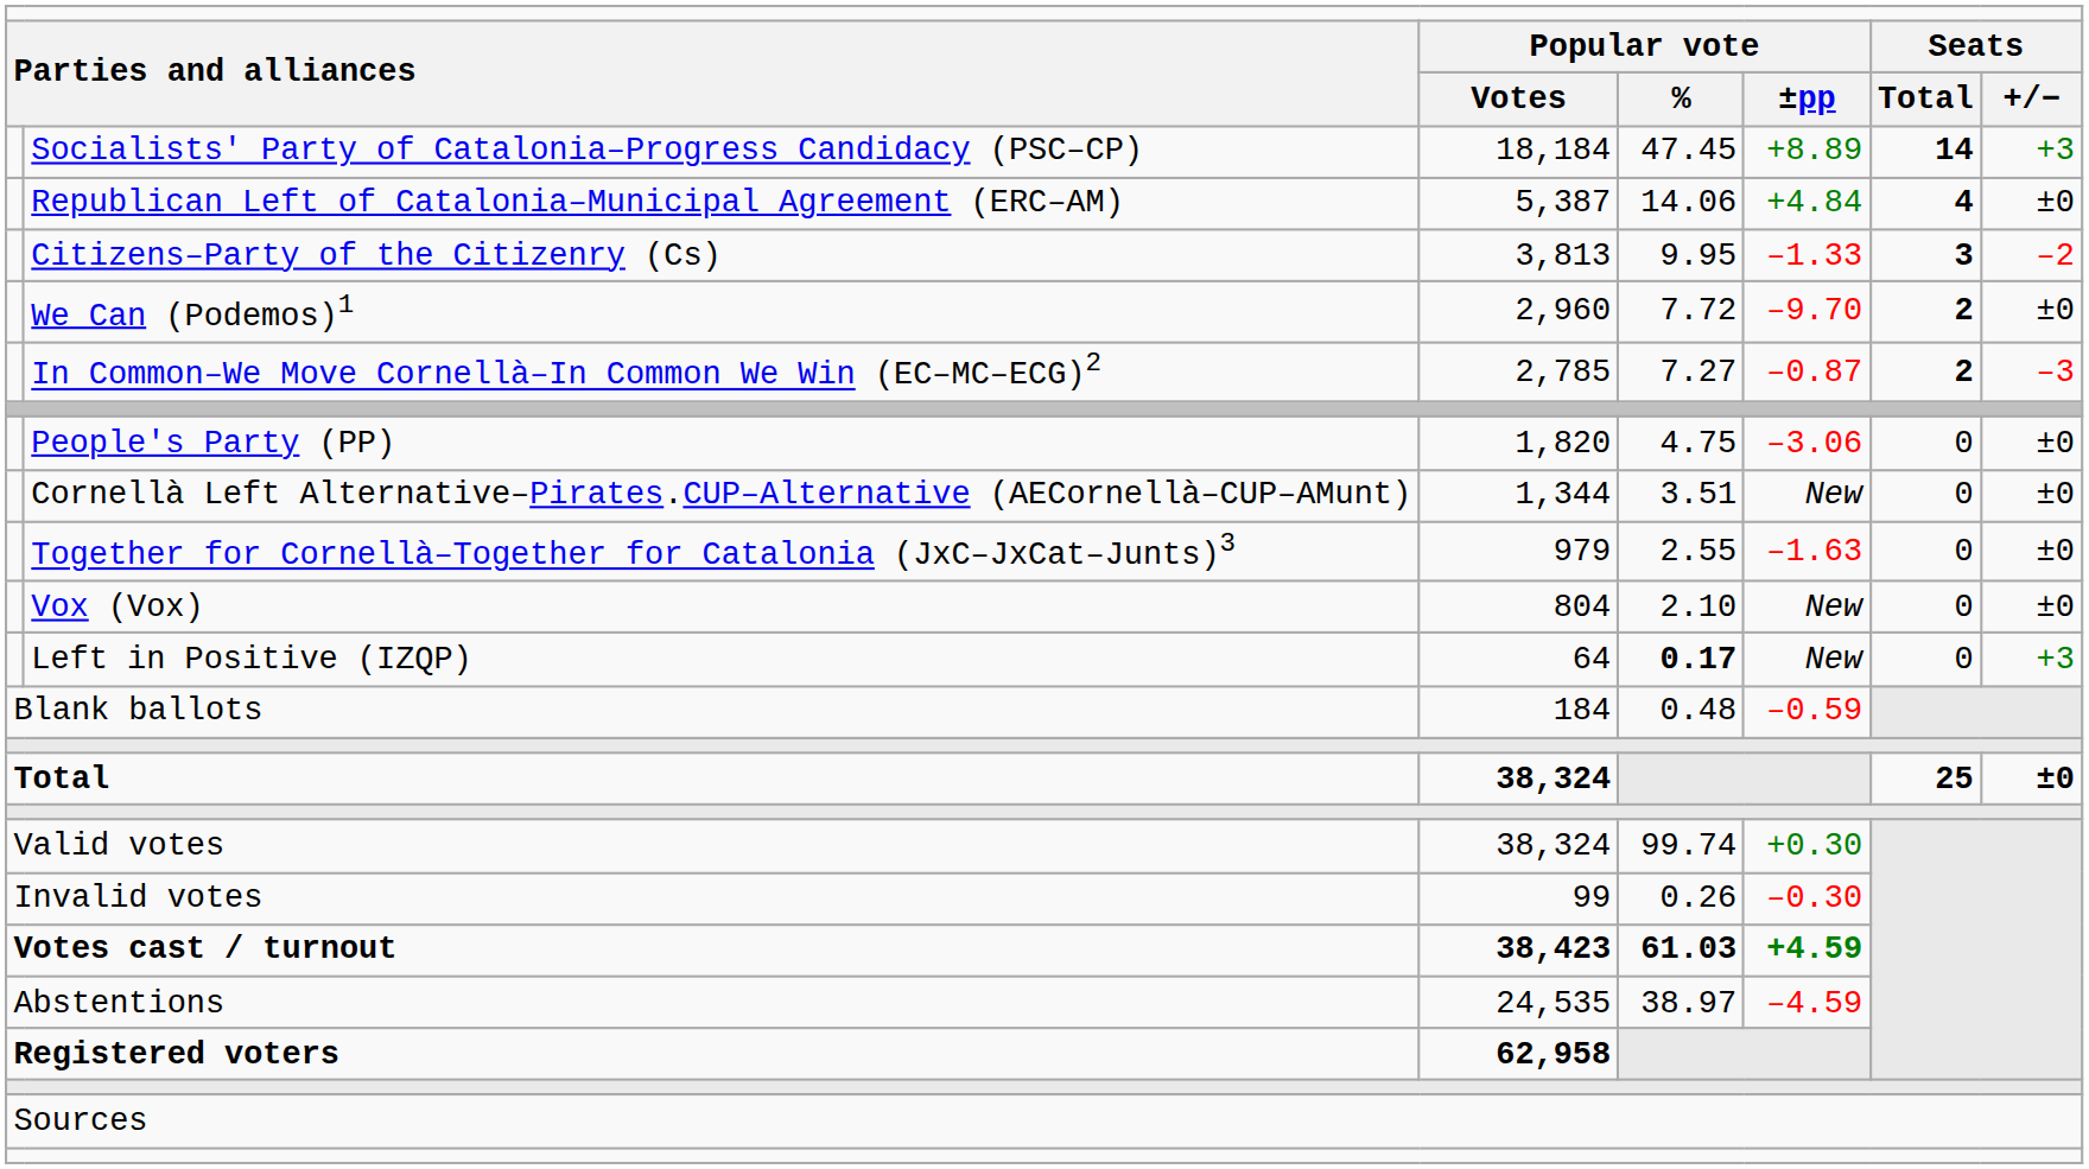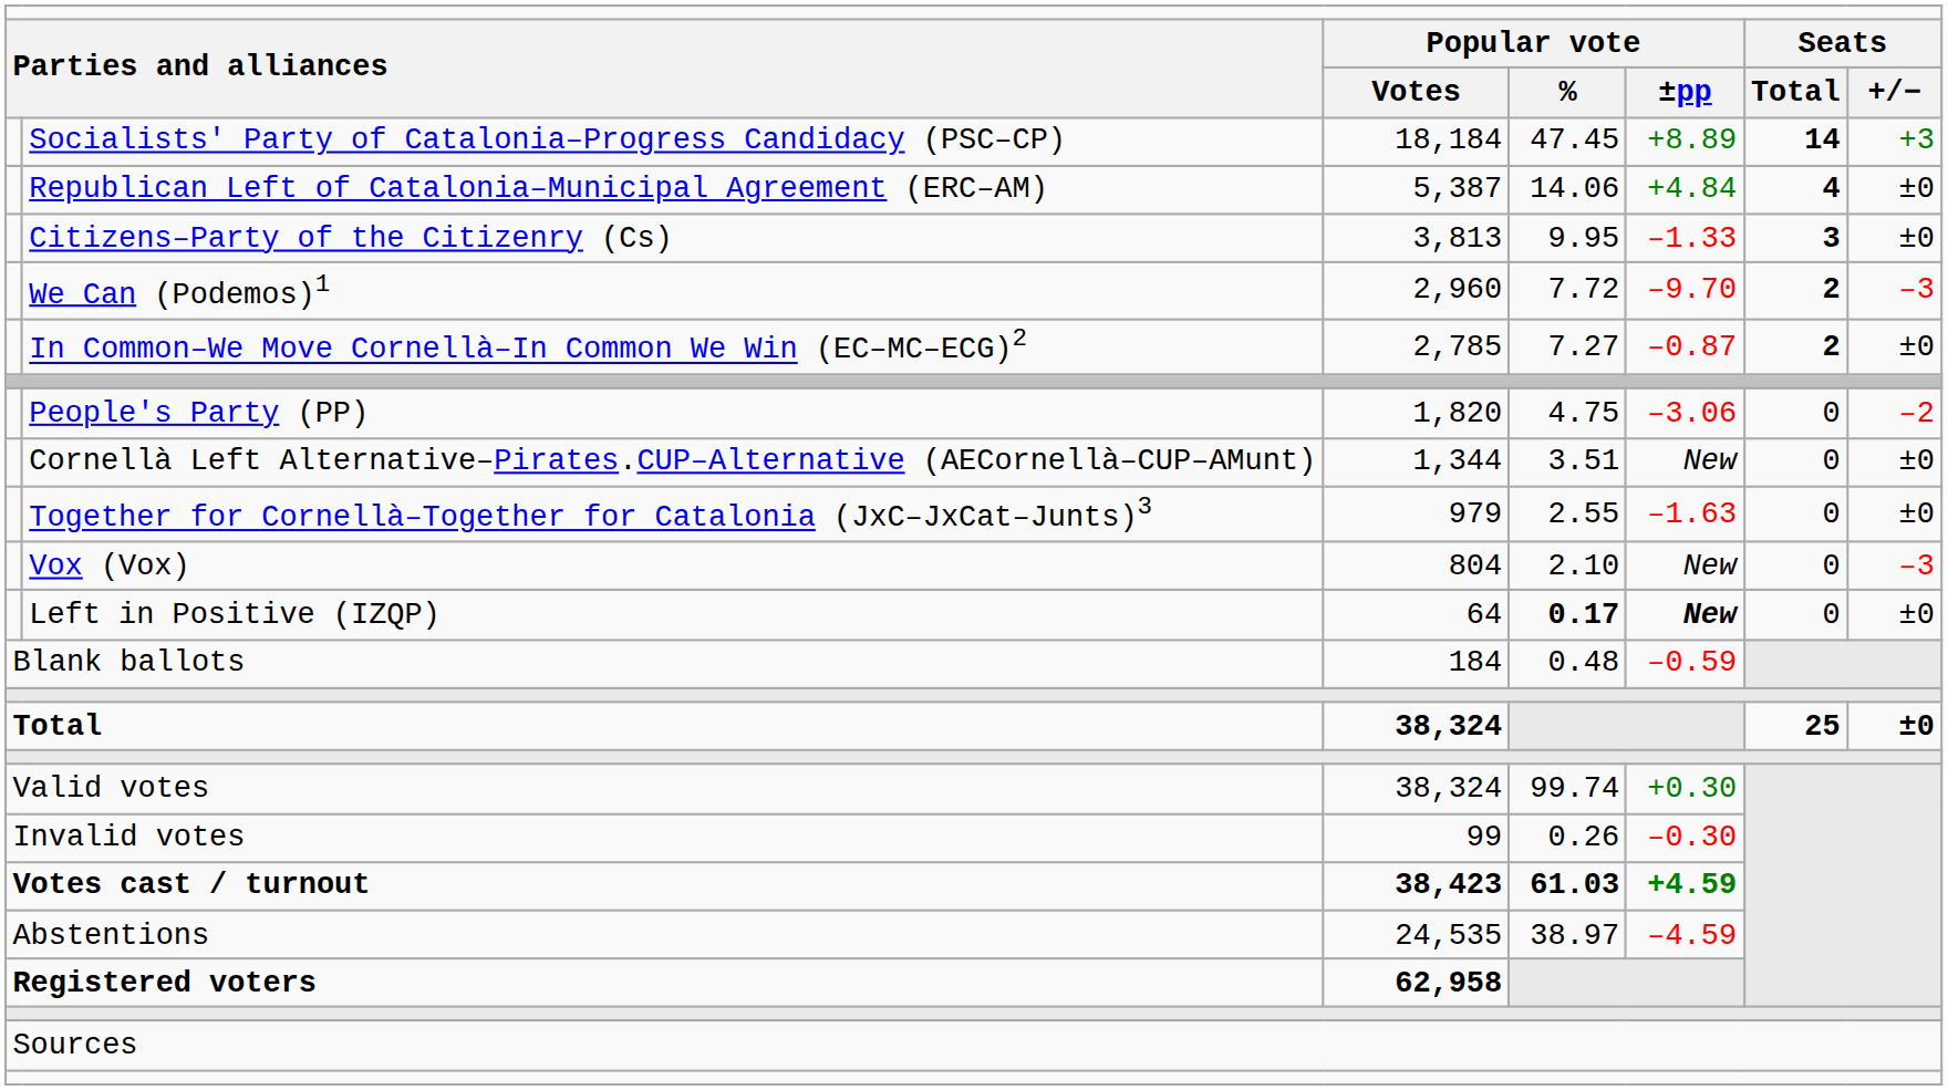 <table class="wikitable" style="text-align:right;">
 <tr>
 <td colspan="7"></td>
 </tr>
 <tr>
 <th style="text-align:left;" rowspan="2" colspan="2" width="525">Parties and alliances</th>
 <th colspan="3">Popular vote</th>
 <th colspan="2">Seats</th>
 </tr>
 <tr>
 <th width="75">Votes</th>
 <th width="45">%</th>
 <th width="45">±<a href='#'>pp</a></th>
 <th width="35">Total</th>
 <th width="35">+/−</th>
 </tr>
 <tr>
 <td width="1" style="color:inherit;background:"></td>
 <td align="left"><a href='#'>Socialists' Party of Catalonia–Progress Candidacy</a> (PSC–CP)</td>
 <td>18,184</td>
 <td>47.45</td>
 <td style="color:green;">+8.89</td>
 <td><strong>14</strong></td>
 <td style="color:green;">+3</td>
 </tr>
 <tr>
 <td style="color:inherit;background:"></td>
 <td align="left"><a href='#'>Republican Left of Catalonia–Municipal Agreement</a> (ERC–AM)</td>
 <td>5,387</td>
 <td>14.06</td>
 <td style="color:green;">+4.84</td>
 <td><strong>4</strong></td>
 <td>±0</td>
 </tr>
 <tr>
 <td style="color:inherit;background:"></td>
 <td align="left"><a href='#'>Citizens–Party of the Citizenry</a> (Cs)</td>
 <td>3,813</td>
 <td>9.95</td>
 <td style="color:red;">–1.33</td>
 <td><strong>3</strong></td>
-<td style="color:red;">–2</td>
+<td>±0</td>
 </tr>
 <tr>
 <td style="color:inherit;background:"></td>
 <td align="left"><a href='#'>We Can</a> (Podemos)<sup>1</sup></td>
 <td>2,960</td>
 <td>7.72</td>
 <td style="color:red;">–9.70</td>
 <td><strong>2</strong></td>
-<td>±0</td>
+<td style="color:red;">–3</td>
 </tr>
 <tr>
 <td style="color:inherit;background:"></td>
 <td align="left"><a href='#'>In Common–We Move Cornellà–In Common We Win</a> (EC–MC–ECG)<sup>2</sup></td>
 <td>2,785</td>
 <td>7.27</td>
 <td style="color:red;">–0.87</td>
 <td><strong>2</strong></td>
-<td style="color:red;">–3</td>
+<td>±0</td>
 </tr>
 <tr>
 <td colspan="7" bgcolor="#C0C0C0"></td>
 </tr>
 <tr>
 <td style="color:inherit;background:"></td>
 <td align="left"><a href='#'>People's Party</a> (PP)</td>
 <td>1,820</td>
 <td>4.75</td>
 <td style="color:red;">–3.06</td>
 <td>0</td>
-<td>±0</td>
+<td style="color:red;">–2</td>
 </tr>
 <tr>
 <td style="color:inherit;background:"></td>
 <td align="left">Cornellà Left Alternative–<a href='#'>Pirates</a>.<a href='#'>CUP–Alternative</a> (AECornellà–CUP–AMunt)</td>
 <td>1,344</td>
 <td>3.51</td>
 <td><em>New</em></td>
 <td>0</td>
 <td>±0</td>
 </tr>
 <tr>
 <td style="color:inherit;background:"></td>
 <td align="left"><a href='#'>Together for Cornellà–Together for Catalonia</a> (JxC–JxCat–Junts)<sup>3</sup></td>
 <td>979</td>
 <td>2.55</td>
 <td style="color:red;">–1.63</td>
 <td>0</td>
 <td>±0</td>
 </tr>
 <tr>
 <td style="color:inherit;background:"></td>
 <td align="left"><a href='#'>Vox</a> (Vox)</td>
 <td>804</td>
 <td>2.10</td>
 <td><em>New</em></td>
 <td>0</td>
-<td>±0</td>
+<td style="color:red;">–3</td>
 </tr>
 <tr>
 <td style="color:inherit;background:"></td>
 <td align="left">Left in Positive (IZQP)</td>
 <td>64</td>
 <td><strong>0.17</strong></td>
-<td><em>New</em></td>
+<td><strong><em>New</em></strong></td>
 <td>0</td>
-<td style="color:green;">+3</td>
+<td>±0</td>
 </tr>
 <tr>
 <td align="left" colspan="2">Blank ballots</td>
 <td>184</td>
 <td>0.48</td>
 <td style="color:red;">–0.59</td>
 <td bgcolor="#E9E9E9" colspan="2"></td>
 </tr>
 <tr>
 <td colspan="7" bgcolor="#E9E9E9"></td>
 </tr>
 <tr style="font-weight:bold;">
 <td align="left" colspan="2">Total</td>
 <td>38,324</td>
 <td bgcolor="#E9E9E9" colspan="2"></td>
 <td>25</td>
 <td>±0</td>
 </tr>
 <tr>
 <td colspan="7" bgcolor="#E9E9E9"></td>
 </tr>
 <tr>
 <td align="left" colspan="2">Valid votes</td>
 <td>38,324</td>
 <td>99.74</td>
 <td style="color:green;">+0.30</td>
 <td bgcolor="#E9E9E9" colspan="2" rowspan="5"></td>
 </tr>
 <tr>
 <td align="left" colspan="2">Invalid votes</td>
 <td>99</td>
 <td>0.26</td>
 <td style="color:red;">–0.30</td>
 </tr>
 <tr style="font-weight:bold;">
 <td align="left" colspan="2">Votes cast / turnout</td>
 <td>38,423</td>
 <td>61.03</td>
 <td style="color:green;">+4.59</td>
 </tr>
 <tr>
 <td align="left" colspan="2">Abstentions</td>
 <td>24,535</td>
 <td>38.97</td>
 <td style="color:red;">–4.59</td>
 </tr>
 <tr style="font-weight:bold;">
 <td align="left" colspan="2">Registered voters</td>
 <td>62,958</td>
 <td bgcolor="#E9E9E9" colspan="2"></td>
 </tr>
 <tr>
 <td colspan="7" bgcolor="#E9E9E9"></td>
 </tr>
 <tr>
 <td align="left" colspan="7">Sources</td>
 </tr>
 <tr>
 <td colspan="7" style="text-align:left; max-width:790px;"></td>
 </tr>
 </table>
